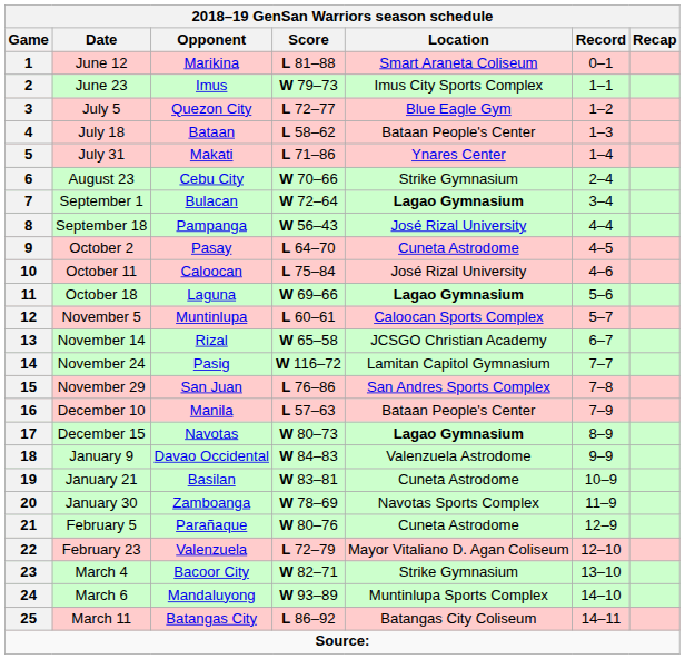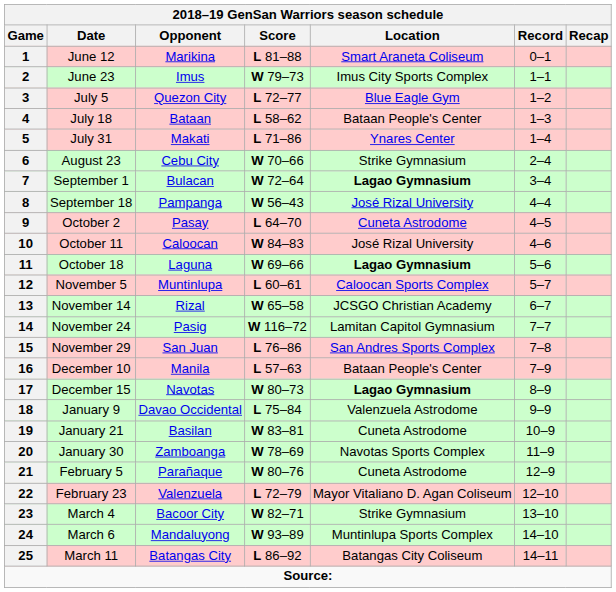 <table class="wikitable" style="text-align:center">
 <tr>
 <th colspan=7>2018–19 GenSan Warriors season schedule</th>
 </tr>
 <tr>
 <th>Game</th>
 <th>Date</th>
 <th>Opponent</th>
 <th>Score</th>
 <th>Location</th>
 <th>Record</th>
 <th>Recap<br></th>
 </tr>
 <tr style="background:#fcc">
 <th>1</th>
 <td>June 12</td>
 <td><a href='#'>Marikina</a></td>
 <td><strong>L</strong> 81–88</td>
 <td><a href='#'>Smart Araneta Coliseum</a></td>
 <td>0–1</td>
 <td></td>
 </tr>
 <tr style="background:#cfc">
 <th>2</th>
 <td>June 23</td>
 <td><a href='#'>Imus</a></td>
 <td><strong>W</strong> 79–73</td>
 <td>Imus City Sports Complex</td>
 <td>1–1</td>
 <td></td>
 </tr>
 <tr style="background:#fcc">
 <th>3</th>
 <td>July 5</td>
 <td><a href='#'>Quezon City</a></td>
 <td><strong>L</strong> 72–77</td>
 <td><a href='#'>Blue Eagle Gym</a></td>
 <td>1–2</td>
 <td></td>
 </tr>
 <tr style="background:#fcc">
 <th>4</th>
 <td>July 18</td>
 <td><a href='#'>Bataan</a></td>
 <td><strong>L</strong> 58–62</td>
 <td>Bataan People's Center</td>
 <td>1–3</td>
 <td></td>
 </tr>
 <tr style="background:#fcc">
 <th>5</th>
 <td>July 31</td>
 <td><a href='#'>Makati</a></td>
 <td><strong>L</strong> 71–86</td>
 <td><a href='#'>Ynares Center</a></td>
 <td>1–4</td>
 <td></td>
 </tr>
 <tr style="background:#cfc">
 <th>6</th>
 <td>August 23</td>
 <td><a href='#'>Cebu City</a></td>
 <td><strong>W</strong> 70–66</td>
 <td>Strike Gymnasium</td>
 <td>2–4</td>
 <td></td>
 </tr>
 <tr style="background:#cfc">
 <th>7</th>
 <td>September 1</td>
 <td><a href='#'>Bulacan</a></td>
 <td><strong>W</strong> 72–64</td>
 <td><strong>Lagao Gymnasium</strong></td>
 <td>3–4</td>
 <td></td>
 </tr>
 <tr style="background:#cfc">
 <th>8</th>
 <td>September 18</td>
 <td><a href='#'>Pampanga</a></td>
 <td><strong>W</strong> 56–43</td>
 <td><a href='#'>José Rizal University</a></td>
 <td>4–4</td>
 <td><br></td>
 </tr>
 <tr style="background:#fcc">
 <th>9</th>
 <td>October 2</td>
 <td><a href='#'>Pasay</a></td>
 <td><strong>L</strong> 64–70</td>
 <td><a href='#'>Cuneta Astrodome</a></td>
 <td>4–5</td>
 <td></td>
 </tr>
 <tr style="background:#fcc">
 <th>10</th>
 <td>October 11</td>
 <td><a href='#'>Caloocan</a></td>
-<td><strong>L</strong> 75–84</td>
+<td><strong>W</strong> 84–83</td>
 <td>José Rizal University</td>
 <td>4–6</td>
 <td></td>
 </tr>
 <tr style="background:#cfc">
 <th>11</th>
 <td>October 18</td>
 <td><a href='#'>Laguna</a></td>
 <td><strong>W</strong> 69–66</td>
 <td><strong>Lagao Gymnasium</strong></td>
 <td>5–6</td>
 <td></td>
 </tr>
 <tr style="background:#fcc">
 <th>12</th>
 <td>November 5</td>
 <td><a href='#'>Muntinlupa</a></td>
 <td><strong>L</strong> 60–61</td>
 <td><a href='#'>Caloocan Sports Complex</a></td>
 <td>5–7</td>
 <td></td>
 </tr>
 <tr style="background:#cfc">
 <th>13</th>
 <td>November 14</td>
 <td><a href='#'>Rizal</a></td>
 <td><strong>W</strong> 65–58</td>
 <td>JCSGO Christian Academy</td>
 <td>6–7</td>
 <td></td>
 </tr>
 <tr style="background:#cfc">
 <th>14</th>
 <td>November 24</td>
 <td><a href='#'>Pasig</a></td>
 <td><strong>W</strong> 116–72</td>
 <td>Lamitan Capitol Gymnasium</td>
 <td>7–7</td>
 <td></td>
 </tr>
 <tr style="background:#fcc">
 <th>15</th>
 <td>November 29</td>
 <td><a href='#'>San Juan</a></td>
 <td><strong>L</strong> 76–86</td>
 <td><a href='#'>San Andres Sports Complex</a></td>
 <td>7–8</td>
 <td></td>
 </tr>
 <tr style="background:#fcc">
 <th>16</th>
 <td>December 10</td>
 <td><a href='#'>Manila</a></td>
 <td><strong>L</strong> 57–63</td>
 <td>Bataan People's Center</td>
 <td>7–9</td>
 <td></td>
 </tr>
 <tr style="background:#cfc">
 <th>17</th>
 <td>December 15</td>
 <td><a href='#'>Navotas</a></td>
 <td><strong>W</strong> 80–73</td>
 <td><strong>Lagao Gymnasium</strong></td>
 <td>8–9</td>
 <td><br></td>
 </tr>
 <tr style="background:#cfc">
 <th>18</th>
 <td>January 9</td>
 <td><a href='#'>Davao Occidental</a></td>
-<td><strong>W</strong> 84–83</td>
+<td><strong>L</strong> 75–84</td>
 <td>Valenzuela Astrodome</td>
 <td>9–9</td>
 <td></td>
 </tr>
 <tr style="background:#cfc">
 <th>19</th>
 <td>January 21</td>
 <td><a href='#'>Basilan</a></td>
 <td><strong>W</strong> 83–81</td>
 <td>Cuneta Astrodome</td>
 <td>10–9</td>
 <td></td>
 </tr>
 <tr style="background:#cfc">
 <th>20</th>
 <td>January 30</td>
 <td><a href='#'>Zamboanga</a></td>
 <td><strong>W</strong> 78–69</td>
 <td>Navotas Sports Complex</td>
 <td>11–9</td>
 <td></td>
 </tr>
 <tr style="background:#cfc">
 <th>21</th>
 <td>February 5</td>
 <td><a href='#'>Parañaque</a></td>
 <td><strong>W</strong> 80–76</td>
 <td>Cuneta Astrodome</td>
 <td>12–9</td>
 <td></td>
 </tr>
 <tr style="background:#fcc">
 <th>22</th>
 <td>February 23</td>
 <td><a href='#'>Valenzuela</a></td>
 <td><strong>L</strong> 72–79</td>
 <td>Mayor Vitaliano D. Agan Coliseum</td>
 <td>12–10</td>
 <td></td>
 </tr>
 <tr style="background:#cfc">
 <th>23</th>
 <td>March 4</td>
 <td><a href='#'>Bacoor City</a></td>
 <td><strong>W</strong> 82–71</td>
 <td>Strike Gymnasium</td>
 <td>13–10</td>
 <td></td>
 </tr>
 <tr style="background:#cfc">
 <th>24</th>
 <td>March 6</td>
 <td><a href='#'>Mandaluyong</a></td>
 <td><strong>W</strong> 93–89</td>
 <td>Muntinlupa Sports Complex</td>
 <td>14–10</td>
 <td></td>
 </tr>
 <tr style="background:#fcc">
 <th>25</th>
 <td>March 11</td>
 <td><a href='#'>Batangas City</a></td>
 <td><strong>L</strong> 86–92</td>
 <td>Batangas City Coliseum</td>
 <td>14–11</td>
 <td></td>
 </tr>
 <tr>
 <td colspan=7 align=center><strong>Source: </strong></td>
 </tr>
 </table>
